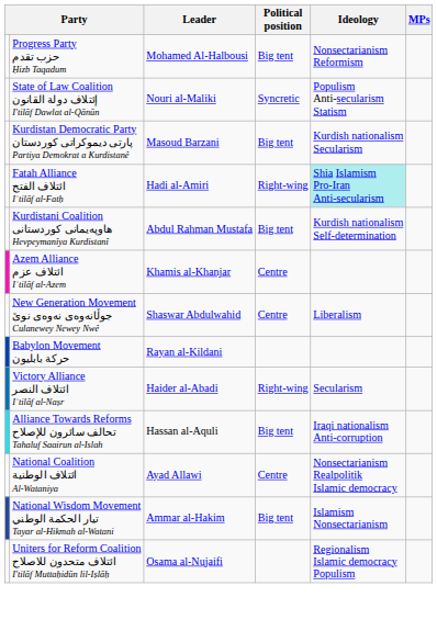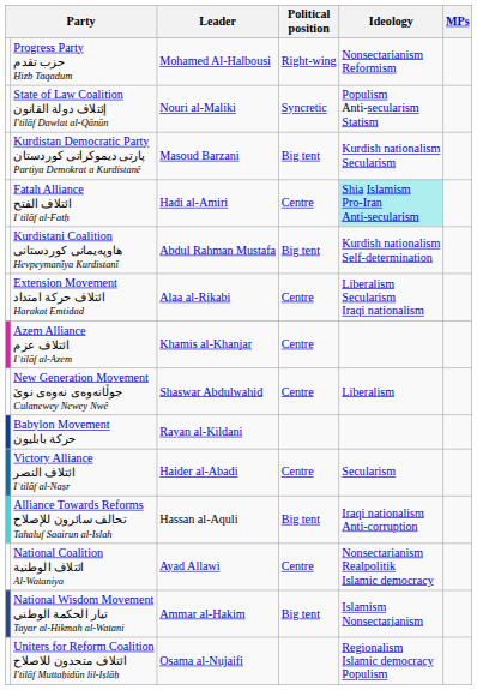 <table class="wikitable sortable">
 <tr>
 <th colspan="2">Party</th>
 <th>Leader</th>
 <th>Political<br>position</th>
 <th>Ideology</th>
 <th><a href='#'>MPs</a></th>
 </tr>
 <tr>
 <td></td>
 <td><a href='#'>Progress Party</a><br><span>حزب تقدم</span><br><small><em>Ḥizb Taqadum</em></small></td>
 <td><a href='#'>Mohamed Al-Halbousi</a></td>
-<td><a href='#'>Big tent</a></td>
+<td><a href='#'>Right-wing</a></td>
 <td><a href='#'>Nonsectarianism</a><br><a href='#'>Reformism</a></td>
 <td></td>
 </tr>
 <tr>
 <td></td>
 <td><a href='#'>State of Law Coalition</a><br><span>إئتلاف دولة القانون</span><br><small><em>I'tilāf Dawlat al-Qānūn</em></small></td>
 <td><a href='#'>Nouri al-Maliki</a></td>
 <td><a href='#'>Syncretic</a></td>
 <td><a href='#'>Populism</a><br>Anti-<a href='#'>secularism</a><br><a href='#'>Statism</a></td>
 <td></td>
 </tr>
 <tr>
 <td></td>
 <td><a href='#'>Kurdistan Democratic Party</a><br><span>پارتی دیموکراتی کوردستان</span><br><small><em>Partiya Demokrat a Kurdistanê</em></small></td>
 <td><a href='#'>Masoud Barzani</a></td>
 <td><a href='#'>Big tent</a></td>
 <td><a href='#'>Kurdish nationalism</a><br><a href='#'>Secularism</a></td>
 <td></td>
 </tr>
 <tr>
 <td></td>
 <td><a href='#'>Fatah Alliance</a><br><span>ائتلاف الفتح</span><br><small><em>Iʾtilāf al-Fatḥ</em></small></td>
 <td><a href='#'>Hadi al-Amiri</a></td>
-<td><a href='#'>Right-wing</a></td>
+<td><a href='#'>Centre</a></td>
 <td style="background: paleturquoise;"><a href='#'>Shia</a> <a href='#'>Islamism</a><br><a href='#'>Pro-Iran</a><br><a href='#'>Anti-secularism</a></td>
 <td></td>
 </tr>
 <tr>
 <td></td>
 <td><a href='#'>Kurdistani Coalition</a><br><span>هاوپەیمانی كوردستانی</span><br><small><em>Hevpeymanîya Kurdistanî</em></small></td>
 <td><a href='#'>Abdul Rahman Mustafa</a></td>
 <td><a href='#'>Big tent</a></td>
 <td><a href='#'>Kurdish nationalism</a><br><a href='#'>Self-determination</a></td>
+<td></td>
+</tr>
+<tr>
+<td></td>
+<td><a href='#'>Extension Movement</a><br><span>ائتلاف حركة امتداد</span><br><small><em>Harakat Emtidad</em></small></td>
+<td><a href='#'>Alaa al-Rikabi</a></td>
+<td><a href='#'>Centre</a></td>
+<td><a href='#'>Liberalism</a><br><a href='#'>Secularism</a><br><a href='#'>Iraqi nationalism</a></td>
 <td></td>
 </tr>
 <tr>
 <td bgcolor="#F216B3"></td>
 <td><a href='#'>Azem Alliance</a><br><span>ائتلاف عزم</span><br><small><em>Iʾtilāf al-Azem</em></small></td>
 <td><a href='#'>Khamis al-Khanjar</a></td>
 <td><a href='#'>Centre</a></td>
 <td></td>
 <td></td>
 </tr>
 <tr>
 <td></td>
 <td><a href='#'>New Generation Movement</a><br><span>جوڵانه‌وه‌ی نه‌وه‌ی نوێ</span><br><small><em>Culanewey Newey Nwê</em></small></td>
 <td><a href='#'>Shaswar Abdulwahid</a></td>
 <td><a href='#'>Centre</a></td>
 <td><a href='#'>Liberalism</a></td>
 <td></td>
 </tr>
 <tr>
 <td bgcolor="#0241AB"></td>
 <td><a href='#'>Babylon Movement</a><br><span>حركة بابليون</span></td>
 <td><a href='#'>Rayan al-Kildani</a></td>
 <td></td>
 <td></td>
 <td></td>
 </tr>
 <tr>
 <td bgcolor="#0472B3"></td>
 <td><a href='#'>Victory Alliance</a><br><span>ائتلاف النصر</span><br><small><em>Iʾtilāf al-Naṣr</em></small></td>
 <td><a href='#'>Haider al-Abadi</a></td>
-<td><a href='#'>Right-wing</a></td>
+<td><a href='#'>Centre</a></td>
 <td><a href='#'>Secularism</a></td>
 <td></td>
 </tr>
 <tr>
 <td bgcolor="#2EDBEB"></td>
 <td><a href='#'>Alliance Towards Reforms</a><br><span>تحالف سائرون للإصلاح</span><br><small><em>Tahaluf Saairun al-Islah</em></small></td>
 <td>Hassan al-Aquli</td>
 <td><a href='#'>Big tent</a></td>
 <td><a href='#'>Iraqi nationalism</a><br><a href='#'>Anti-corruption</a></td>
 <td></td>
 </tr>
 <tr>
 <td></td>
 <td><a href='#'>National Coalition</a><br><span>ائتلاف الوطنية</span><br><small><em>Al-Wataniya</em></small></td>
 <td><a href='#'>Ayad Allawi</a></td>
 <td><a href='#'>Centre</a></td>
 <td><a href='#'>Nonsectarianism</a><br><a href='#'>Realpolitik</a><br><a href='#'>Islamic democracy</a></td>
 <td></td>
 </tr>
 <tr>
 <td bgcolor="#274698"></td>
 <td><a href='#'>National Wisdom Movement</a><br><span>تيار الحكمة الوطني</span><br><small><em>Tayar al-Hikmah al-Watani</em></small></td>
 <td><a href='#'>Ammar al-Hakim</a></td>
 <td><a href='#'>Big tent</a></td>
 <td><a href='#'>Islamism</a><br><a href='#'>Nonsectarianism</a></td>
 <td></td>
 </tr>
 <tr>
 <td></td>
 <td><a href='#'>Uniters for Reform Coalition</a><br><span>ائتلاف متحدون للاصلاح</span><br><small><em>I'tilāf Muttaḥidūn lil-Iṣlāḥ</em></small></td>
 <td><a href='#'>Osama al-Nujaifi</a></td>
 <td></td>
 <td><a href='#'>Regionalism</a><br><a href='#'>Islamic democracy</a><br><a href='#'>Populism</a></td>
 <td></td>
 </tr>
 </table>
